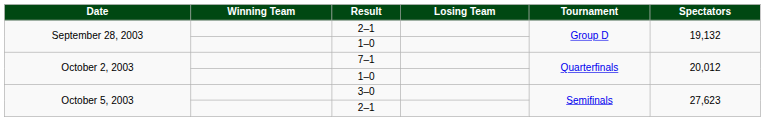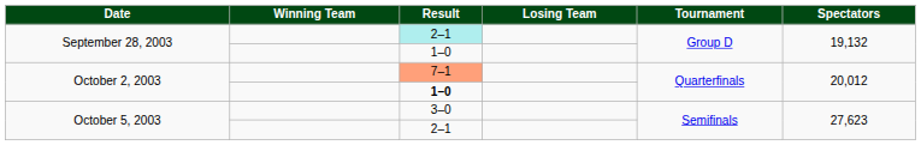 <table class="wikitable" style="text-align:left; width:95%;" style="text-align:center">
 <tr>
 <th style="text-align:center; background:#004812; color:#FFFFFF; ">Date</th>
 <th style="text-align:center; background:#004812; color:#FFFFFF; ">Winning Team</th>
 <th style="text-align:center; background:#004812; color:#FFFFFF; ">Result</th>
 <th style="text-align:center; background:#004812; color:#FFFFFF; ">Losing Team</th>
 <th style="text-align:center; background:#004812; color:#FFFFFF; ">Tournament</th>
 <th style="text-align:center; background:#004812; color:#FFFFFF; ">Spectators</th>
 </tr>
 <tr>
 <td style="text-align:center;" rowspan=2>September 28, 2003</td>
 <td><strong> </strong></td>
-<td style="text-align:center;">2–1</td>
+<td style="background: paleturquoise; text-align:center;">2–1</td>
 <td></td>
 <td style="text-align:center;" rowspan=2><a href='#'>Group D</a></td>
 <td style="text-align:center;" rowspan=2>19,132</td>
 </tr>
 <tr>
 <td><strong> </strong></td>
 <td style="text-align:center;">1–0</td>
 <td></td>
 </tr>
 <tr>
 <td style="text-align:center;" rowspan=2>October 2, 2003</td>
 <td><strong> </strong></td>
-<td style="text-align:center;">7–1</td>
+<td style="background: lightsalmon; text-align:center;">7–1</td>
 <td></td>
 <td style="text-align:center;" rowspan=2><a href='#'>Quarterfinals</a></td>
 <td style="text-align:center;" rowspan=2>20,012</td>
 </tr>
 <tr>
 <td><strong> </strong></td>
-<td style="text-align:center;">1–0</td>
+<td style="text-align:center;"><strong>1–0</strong></td>
 <td></td>
 </tr>
 <tr>
 <td style="text-align:center;" rowspan=2>October 5, 2003</td>
 <td><strong> </strong></td>
 <td style="text-align:center;">3–0</td>
 <td></td>
 <td style="text-align:center;" rowspan=2><a href='#'>Semifinals</a></td>
 <td style="text-align:center;" rowspan=2>27,623</td>
 </tr>
 <tr>
 <td><strong> </strong></td>
 <td style="text-align:center;">2–1</td>
 <td></td>
 </tr>
 </table>
